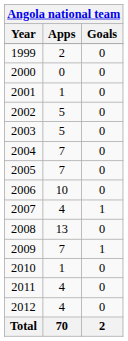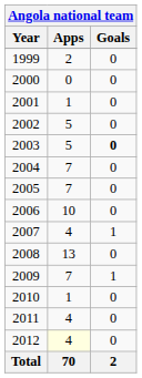 <table class="wikitable" style="text-align:center">
 <tr>
 <th colspan=3><a href='#'>Angola national team</a></th>
 </tr>
 <tr>
 <th>Year</th>
 <th>Apps</th>
 <th>Goals</th>
 </tr>
 <tr>
 </tr>
 <tr>
 <td>1999</td>
 <td>2</td>
 <td>0</td>
 </tr>
 <tr>
 <td>2000</td>
 <td>0</td>
 <td>0</td>
 </tr>
 <tr>
 <td>2001</td>
 <td>1</td>
 <td>0</td>
 </tr>
 <tr>
 <td>2002</td>
 <td>5</td>
 <td>0</td>
 </tr>
 <tr>
 <td>2003</td>
 <td>5</td>
-<td>0</td>
+<td><strong>0</strong></td>
 </tr>
 <tr>
 <td>2004</td>
 <td>7</td>
 <td>0</td>
 </tr>
 <tr>
 <td>2005</td>
 <td>7</td>
 <td>0</td>
 </tr>
 <tr>
 <td>2006</td>
 <td>10</td>
 <td>0</td>
 </tr>
 <tr>
 <td>2007</td>
 <td>4</td>
 <td>1</td>
 </tr>
 <tr>
 <td>2008</td>
 <td>13</td>
 <td>0</td>
 </tr>
 <tr>
 <td>2009</td>
 <td>7</td>
 <td>1</td>
 </tr>
 <tr>
 <td>2010</td>
 <td>1</td>
 <td>0</td>
 </tr>
 <tr>
 <td>2011</td>
 <td>4</td>
 <td>0</td>
 </tr>
 <tr>
 <td>2012</td>
-<td>4</td>
+<td style="background: lightyellow;">4</td>
 <td>0</td>
 </tr>
 <tr>
 <th>Total</th>
 <th>70</th>
 <th>2</th>
 </tr>
 </table>
